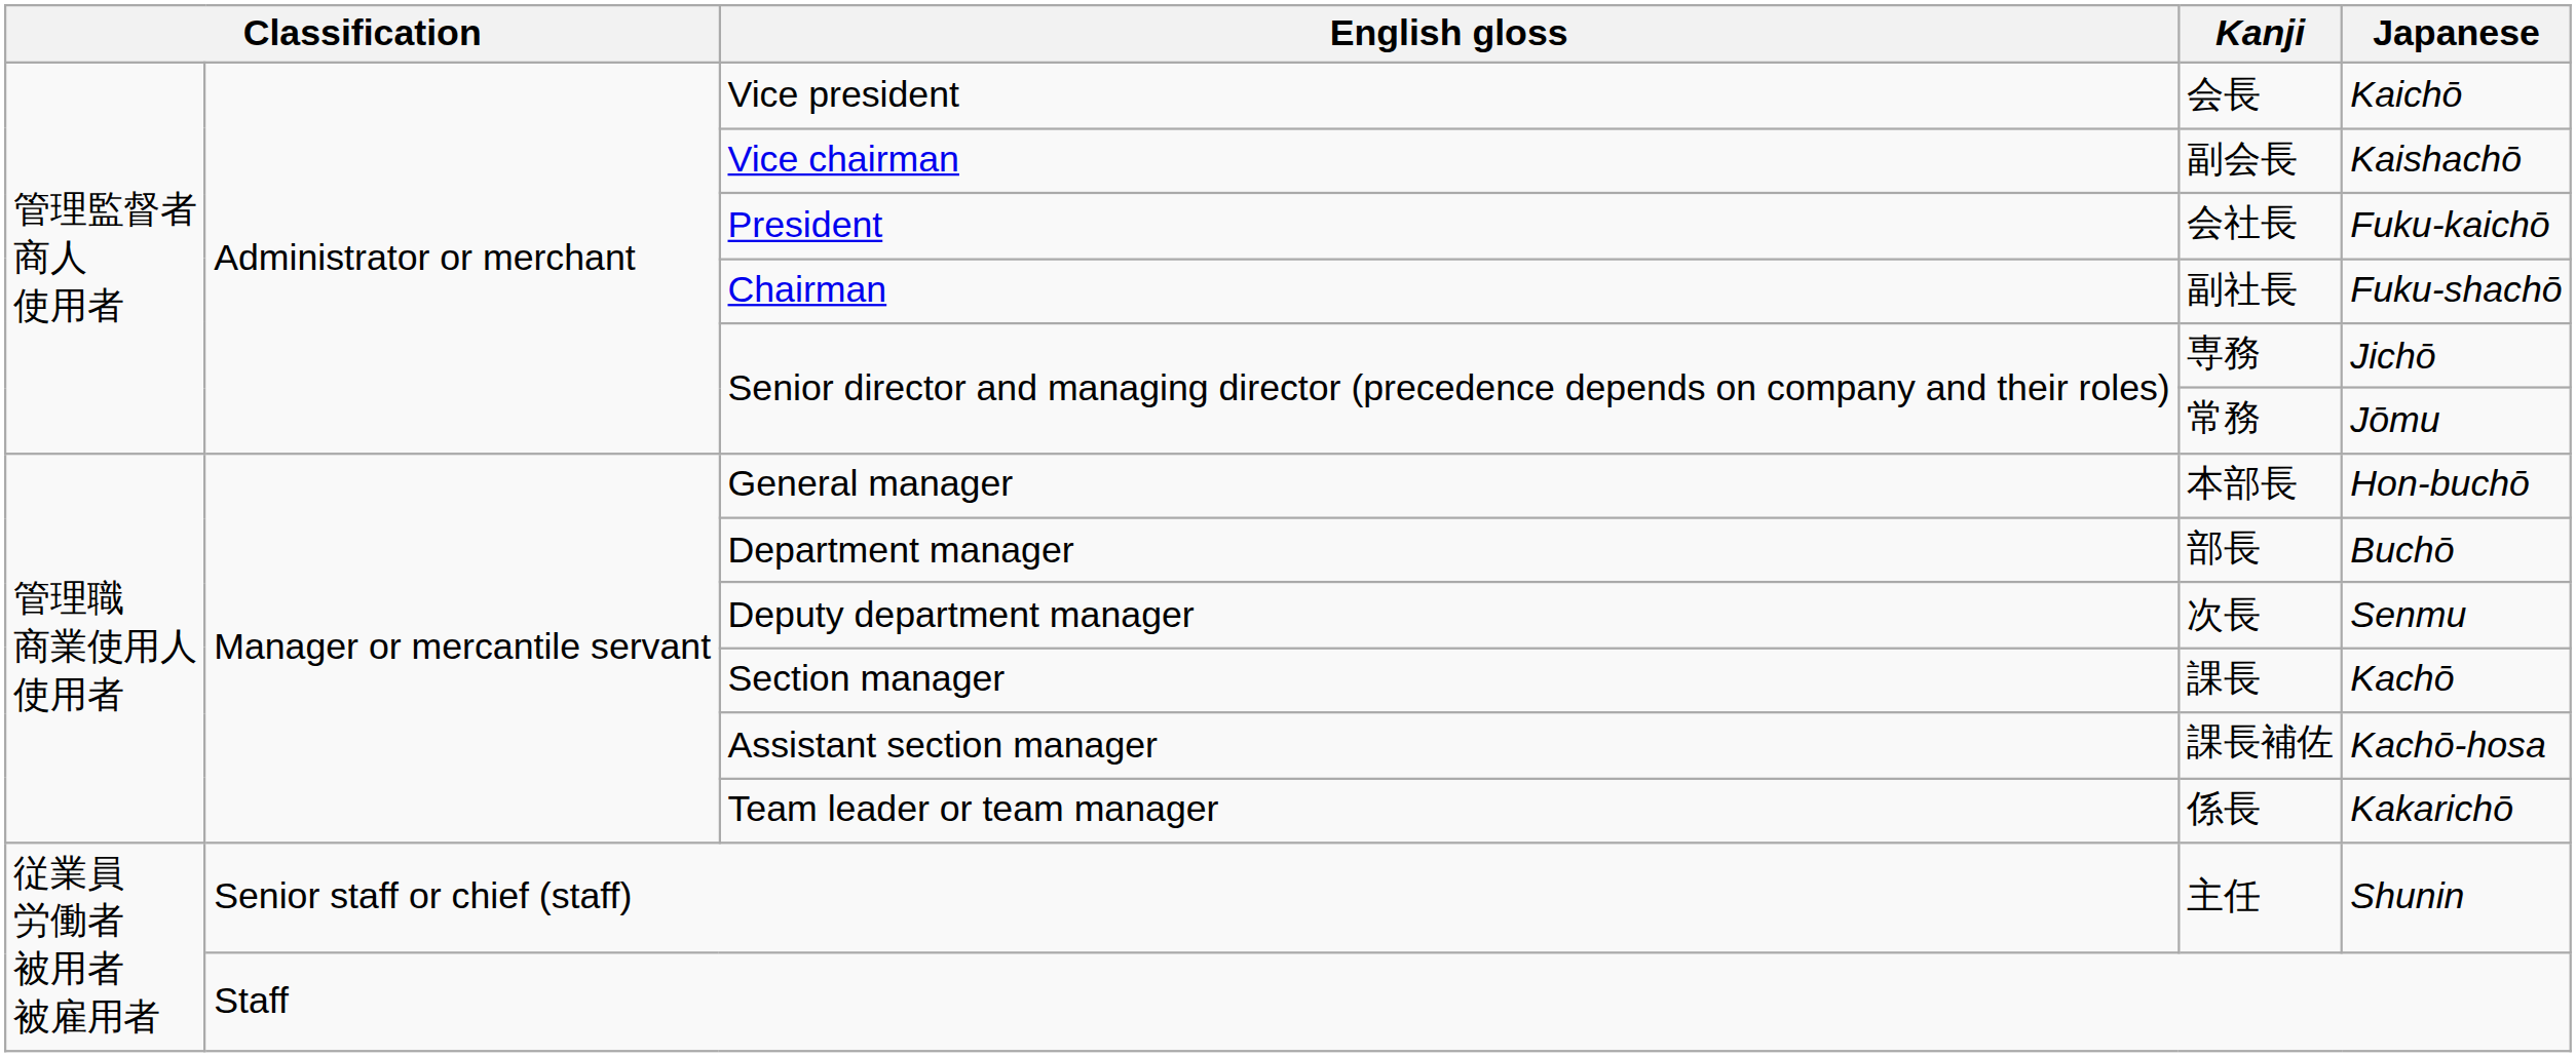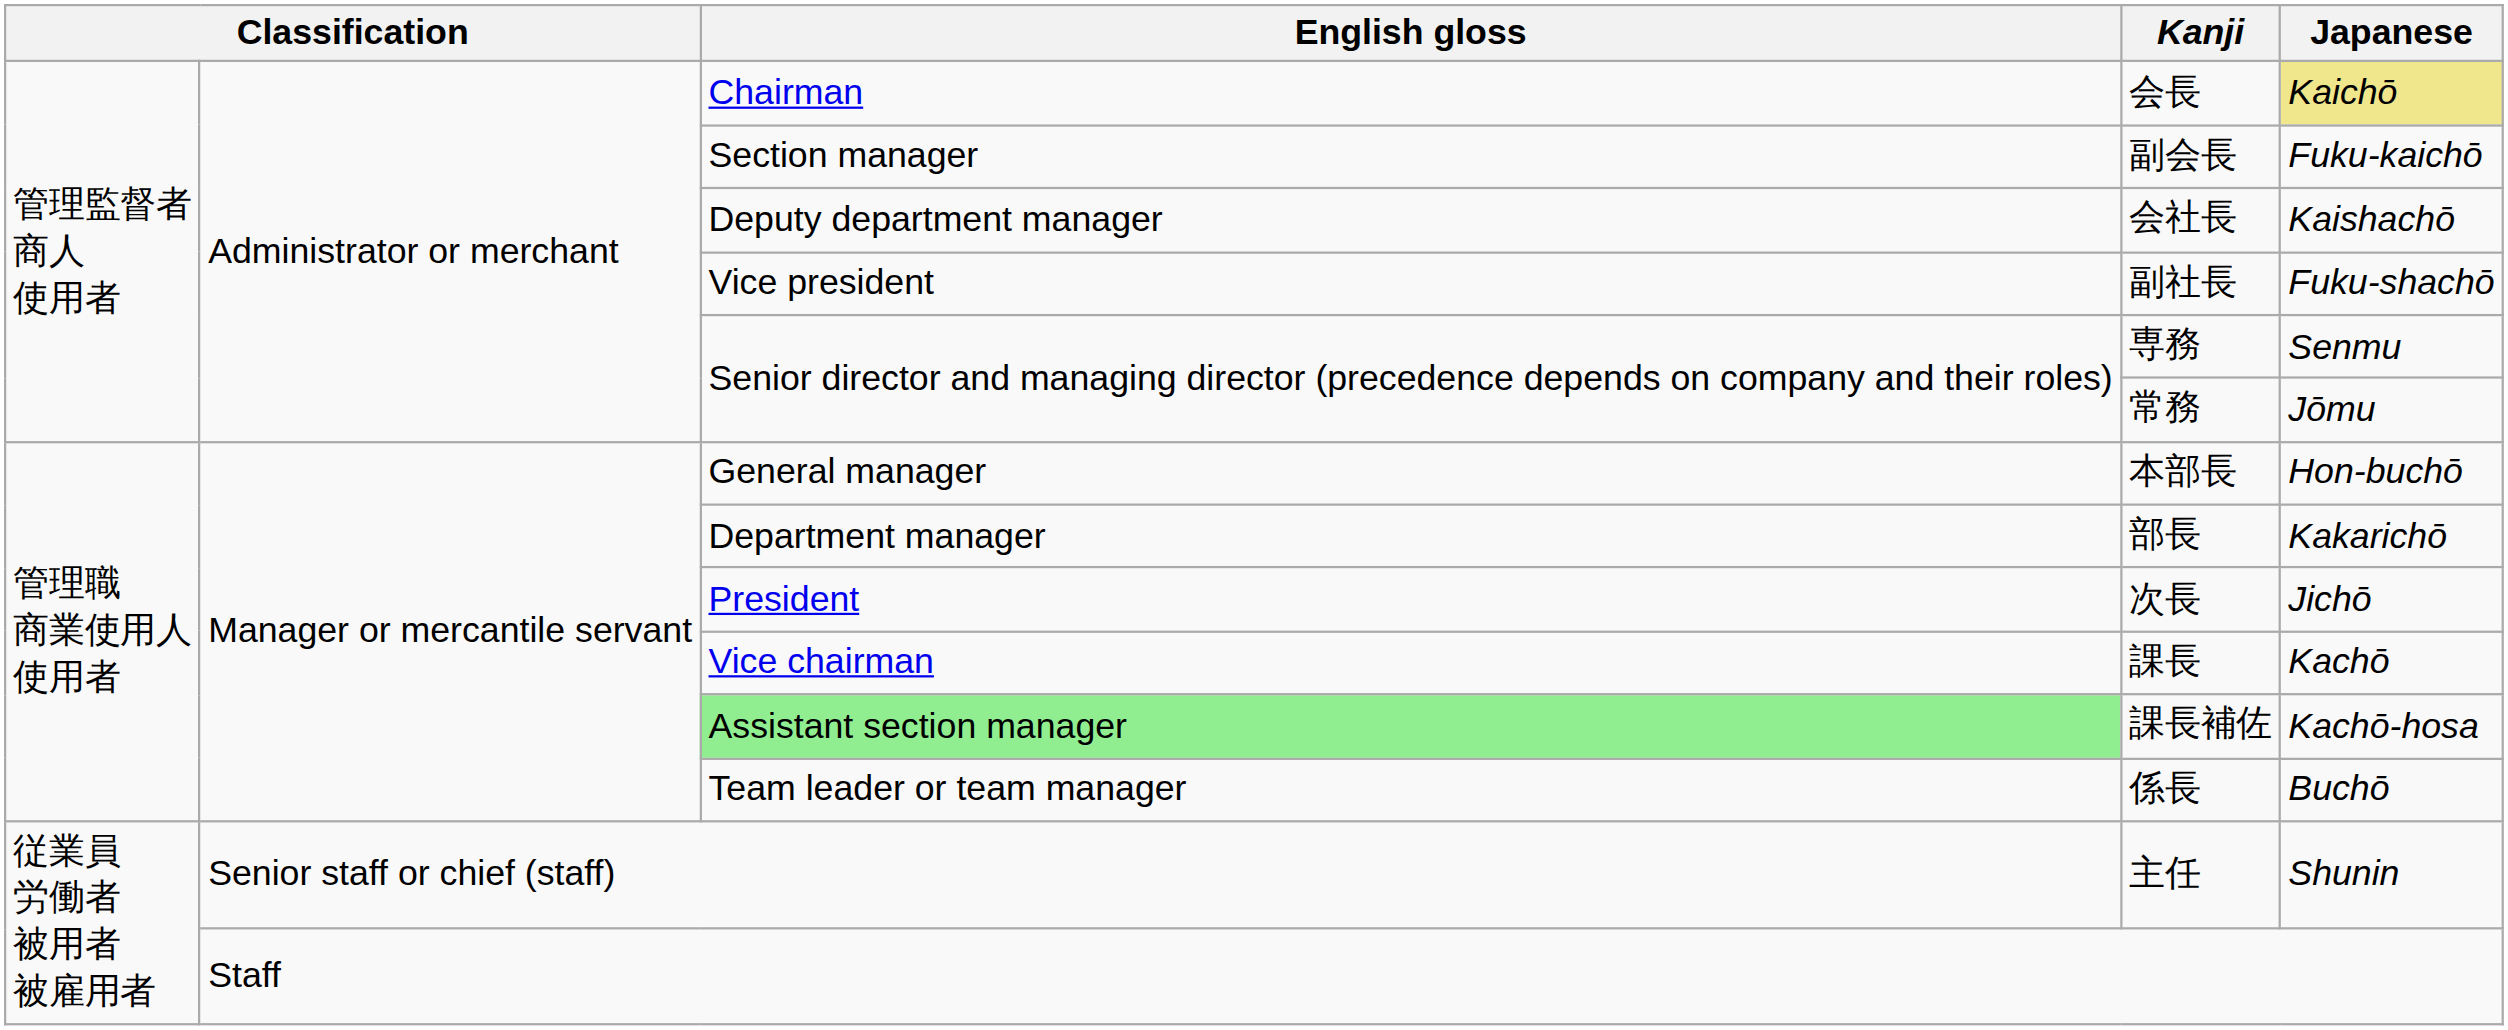 <table class="wikitable">
 <tr>
 <th colspan="2">Classification</th>
 <th>English gloss</th>
 <th><em>Kanji</em></th>
 <th>Japanese</th>
 </tr>
 <tr>
 <td rowspan="6">管理監督者<br>商人<br>使用者</td>
 <td rowspan="6">Administrator or merchant</td>
-<td>Vice president</td>
+<td><a href='#'>Chairman</a></td>
 <td>会長</td>
-<td><em>Kaichō</em></td>
+<td style="background: khaki;"><em>Kaichō</em></td>
 </tr>
 <tr>
-<td><a href='#'>Vice chairman</a></td>
+<td>Section manager</td>
 <td>副会長</td>
+<td><em>Fuku-kaichō</em></td>
+</tr>
+<tr>
+<td>Deputy department manager</td>
+<td>会社長</td>
 <td><em>Kaishachō</em></td>
 </tr>
 <tr>
-<td><a href='#'>President</a></td>
-<td>会社長</td>
-<td><em>Fuku-kaichō</em></td>
-</tr>
-<tr>
-<td><a href='#'>Chairman</a></td>
+<td>Vice president</td>
 <td>副社長</td>
 <td><em>Fuku-shachō</em></td>
 </tr>
 <tr>
 <td rowspan="2">Senior director and managing director (precedence depends on company and their roles)</td>
 <td>専務</td>
-<td><em>Jichō</em></td>
+<td><em>Senmu</em></td>
 </tr>
 <tr>
 <td>常務</td>
 <td><em>Jōmu</em></td>
 </tr>
 <tr>
 <td rowspan="6">管理職<br>商業使用人<br>使用者</td>
 <td rowspan="6">Manager or mercantile servant</td>
 <td>General manager</td>
 <td>本部長</td>
 <td><em>Hon-buchō</em></td>
 </tr>
 <tr>
 <td>Department manager</td>
 <td>部長</td>
-<td><em>Buchō</em></td>
+<td><em>Kakarichō</em></td>
 </tr>
 <tr>
-<td>Deputy department manager</td>
+<td><a href='#'>President</a></td>
 <td>次長</td>
-<td><em>Senmu</em></td>
+<td><em>Jichō</em></td>
 </tr>
 <tr>
-<td>Section manager</td>
+<td><a href='#'>Vice chairman</a></td>
 <td>課長</td>
 <td><em>Kachō</em></td>
 </tr>
 <tr>
-<td>Assistant section manager</td>
+<td style="background: lightgreen;">Assistant section manager</td>
 <td>課長補佐</td>
 <td><em>Kachō-hosa</em></td>
 </tr>
 <tr>
 <td>Team leader or team manager</td>
 <td>係長</td>
-<td><em>Kakarichō</em></td>
+<td><em>Buchō</em></td>
 </tr>
 <tr>
 <td rowspan="2">従業員<br>労働者<br>被用者<br>被雇用者</td>
 <td colspan="2">Senior staff or chief (staff)</td>
 <td>主任</td>
 <td><em>Shunin</em></td>
 </tr>
 <tr>
 <td colspan="4">Staff</td>
 </tr>
 </table>
